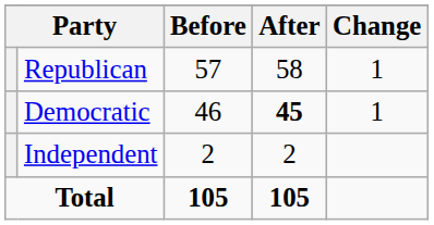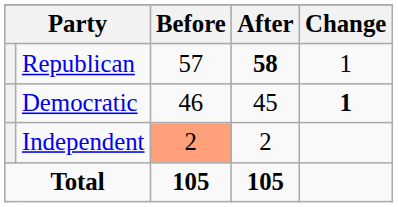 <table class="wikitable" style="text-align:center;">
 <tr>
 </tr>
 <tr>
 <th colspan=2>Party</th>
 <th>Before</th>
 <th>After</th>
 <th>Change</th>
 </tr>
 <tr>
 <th style="background-color:"></th>
 <td style="text-align:left;"><a href='#'>Republican</a></td>
 <td>57</td>
-<td>58</td>
+<td><strong>58</strong></td>
 <td> 1</td>
 </tr>
 <tr>
 <th style="background-color:"></th>
 <td style="text-align:left;"><a href='#'>Democratic</a></td>
 <td>46</td>
-<td><strong>45</strong></td>
-<td> 1</td>
+<td>45</td>
+<td><strong> 1</strong></td>
 </tr>
 <tr>
 <th style="background-color:"></th>
 <td style="text-align:left;"><a href='#'>Independent</a></td>
-<td>2</td>
+<td style="background: lightsalmon;">2</td>
 <td>2</td>
 <td></td>
 </tr>
 <tr>
 <td colspan=2><strong>Total</strong></td>
 <td><strong>105</strong></td>
 <td><strong>105</strong></td>
 </tr>
 </table>
